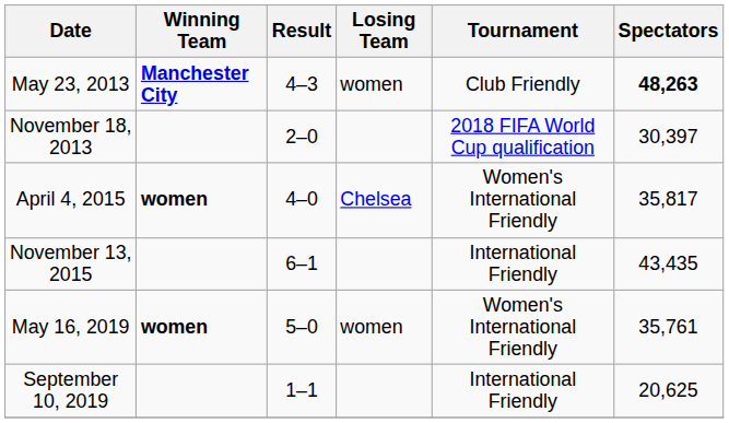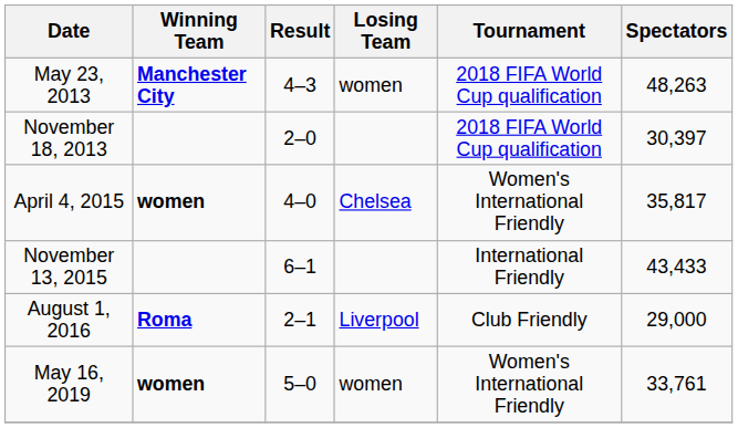 <table class="wikitable" style="text-align:left; width:95%;" style="text-align:center">
 <tr>
 <th style="text-align:center; ">Date</th>
 <th style="text-align:center; ">Winning Team</th>
 <th style="text-align:center; ">Result</th>
 <th style="text-align:center; ">Losing Team</th>
 <th style="text-align:center; ">Tournament</th>
 <th style="text-align:center; ">Spectators</th>
 </tr>
 <tr>
 <td style="text-align:center;">May 23, 2013</td>
 <td><strong> <a href='#'>Manchester City</a></strong></td>
 <td style="text-align:center;">4–3</td>
 <td> women</td>
-<td style="text-align:center;">Club Friendly</td>
-<td style="text-align:center;"><strong>48,263</strong></td>
+<td style="text-align:center;"><a href='#'>2018 FIFA World Cup qualification</a></td>
+<td style="text-align:center;">48,263</td>
 </tr>
 <tr>
 <td style="text-align:center;">November 18, 2013</td>
 <td><strong></strong></td>
 <td style="text-align:center;">2–0</td>
 <td></td>
 <td style="text-align:center;"><a href='#'>2018 FIFA World Cup qualification</a></td>
 <td style="text-align:center;">30,397</td>
 </tr>
 <tr>
 <td style="text-align:center;">April 4, 2015</td>
 <td><strong> women</strong></td>
 <td style="text-align:center;">4–0</td>
 <td> <a href='#'>Chelsea</a></td>
 <td style="text-align:center;">Women's International Friendly</td>
 <td style="text-align:center;">35,817</td>
 </tr>
 <tr>
 <td style="text-align:center;">November 13, 2015</td>
 <td><strong></strong></td>
 <td style="text-align:center;">6–1</td>
 <td></td>
 <td style="text-align:center;">International Friendly</td>
-<td style="text-align:center;">43,435</td>
+<td style="text-align:center;">43,433</td>
+</tr>
+<tr>
+<td style="text-align:center;">August 1, 2016</td>
+<td><strong> <a href='#'>Roma</a></strong></td>
+<td style="text-align:center;">2–1</td>
+<td> <a href='#'>Liverpool</a></td>
+<td style="text-align:center;">Club Friendly</td>
+<td style="text-align:center;">29,000</td>
 </tr>
 <tr>
 <td style="text-align:center;">May 16, 2019</td>
 <td><strong> women</strong></td>
 <td style="text-align:center;">5–0</td>
 <td> women</td>
 <td style="text-align:center;">Women's International Friendly</td>
-<td style="text-align:center;">35,761</td>
-</tr>
-<tr>
-<td style="text-align:center;">September 10, 2019</td>
-<td></td>
-<td style="text-align:center;">1–1</td>
-<td></td>
-<td style="text-align:center;">International Friendly</td>
-<td style="text-align:center;">20,625</td>
+<td style="text-align:center;">33,761</td>
 </tr>
 <tr>
 </tr>
 </table>
